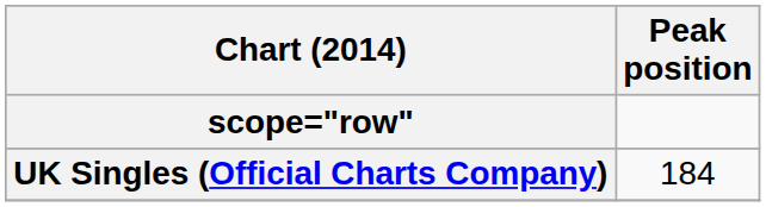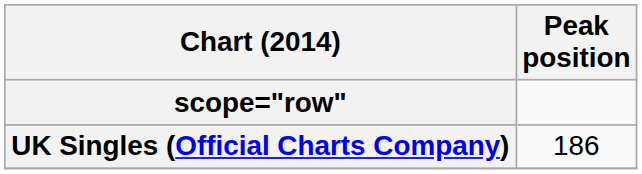 <table class="wikitable plainrowheaders sortable" style="text-align:center;">
 <tr>
 <th scope="col">Chart (2014)</th>
 <th scope="col">Peak<br>position</th>
 </tr>
 <tr>
 <th>scope="row" </th>
 </tr>
 <tr>
 <th scope="row">UK Singles (<a href='#'>Official Charts Company</a>)</th>
-<td>184</td>
+<td>186</td>
 </tr>
 <tr>
 </tr>
 </table>
